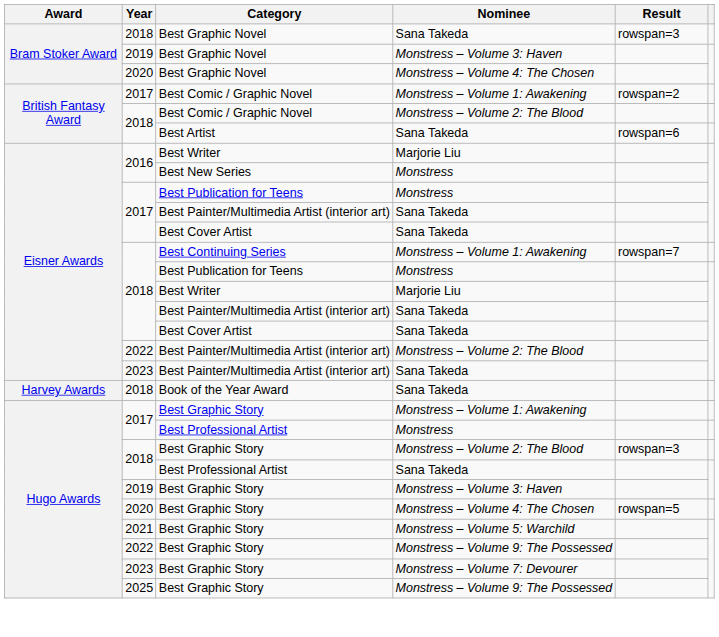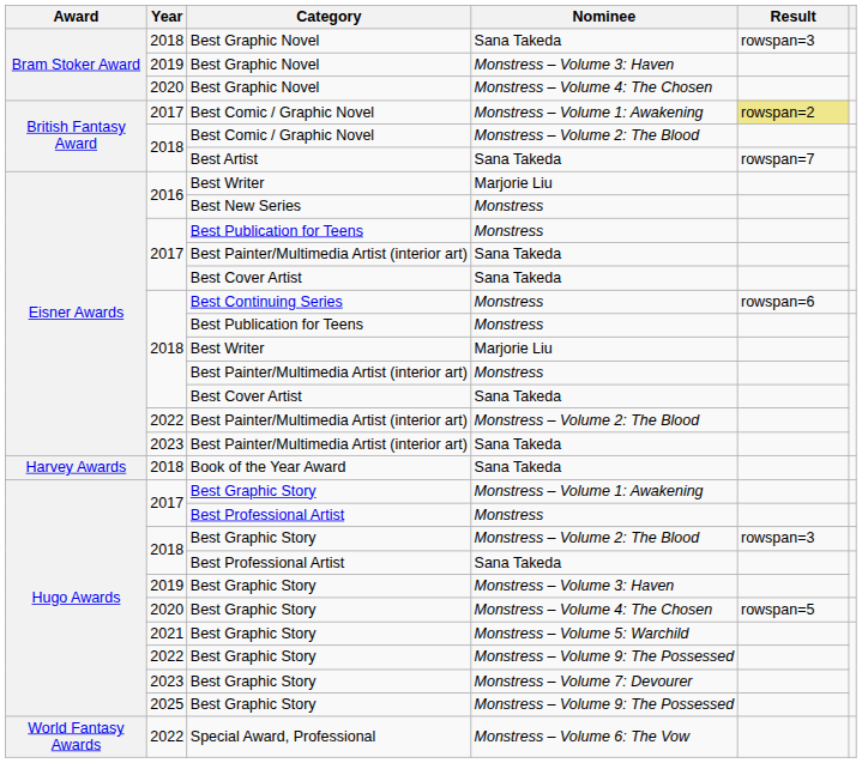 <table class="wikitable sortable">
 <tr>
 <th scope=col style="width: 9em">Award</th>
 <th scope=col>Year</th>
 <th scope=col>Category</th>
 <th scope=col>Nominee</th>
 <th scope=col style="width: 7em">Result</th>
 <th scope=col class=unsortable></th>
 </tr>
 <tr>
 <th scope=row rowspan=3 style="font-weight: normal"><a href='#'>Bram Stoker Award</a></th>
 <td align=center>2018</td>
 <td>Best Graphic Novel</td>
 <td>Sana Takeda</td>
 <td>rowspan=3 </td>
 <td align=center></td>
 </tr>
 <tr>
 <td align=center>2019</td>
 <td>Best Graphic Novel</td>
 <td><em>Monstress – Volume 3: Haven</em></td>
 <td align=center></td>
 </tr>
 <tr>
 <td align=center>2020</td>
 <td>Best Graphic Novel</td>
 <td><em>Monstress – Volume 4: The Chosen</em></td>
 <td align=center></td>
 </tr>
 <tr>
 <th scope=row rowspan=3 style="font-weight: normal"><a href='#'>British Fantasy Award</a></th>
 <td align=center>2017</td>
 <td>Best Comic / Graphic Novel</td>
 <td><em>Monstress – Volume 1: Awakening</em></td>
-<td>rowspan=2 </td>
+<td style="background: khaki;">rowspan=2 </td>
 <td align=center></td>
 </tr>
 <tr>
 <td align=center rowspan=2>2018</td>
 <td>Best Comic / Graphic Novel</td>
 <td><em>Monstress – Volume 2: The Blood</em></td>
 <td align=center></td>
 </tr>
 <tr>
 <td>Best Artist</td>
 <td>Sana Takeda</td>
-<td>rowspan=6 </td>
+<td>rowspan=7 </td>
 <td align=center></td>
 </tr>
 <tr>
 <th scope=row rowspan=12 style="font-weight: normal"><a href='#'>Eisner Awards</a></th>
 <td align=center rowspan=2>2016</td>
 <td>Best Writer</td>
 <td>Marjorie Liu</td>
 <td align=center></td>
 </tr>
 <tr>
 <td>Best New Series</td>
 <td><em>Monstress</em></td>
 <td align=center></td>
 </tr>
 <tr>
 <td align=center rowspan=3>2017</td>
 <td><a href='#'>Best Publication for Teens</a></td>
 <td><em>Monstress</em></td>
 <td align=center></td>
 </tr>
 <tr>
 <td>Best Painter/Multimedia Artist (interior art)</td>
 <td>Sana Takeda</td>
 <td align=center></td>
 </tr>
 <tr>
 <td>Best Cover Artist</td>
 <td>Sana Takeda</td>
 <td align=center></td>
 </tr>
 <tr>
 <td align=center rowspan=5>2018</td>
 <td><a href='#'>Best Continuing Series</a></td>
-<td><em>Monstress – Volume 1: Awakening</em></td>
-<td>rowspan=7 </td>
+<td><em>Monstress</em></td>
+<td>rowspan=6 </td>
 <td align=center></td>
 </tr>
 <tr>
 <td>Best Publication for Teens</td>
 <td><em>Monstress</em></td>
 <td align=center></td>
 </tr>
 <tr>
 <td>Best Writer</td>
 <td>Marjorie Liu</td>
 <td align=center></td>
 </tr>
 <tr>
 <td>Best Painter/Multimedia Artist (interior art)</td>
-<td>Sana Takeda</td>
+<td><em>Monstress</em></td>
 <td align=center></td>
 </tr>
 <tr>
 <td>Best Cover Artist</td>
 <td>Sana Takeda</td>
 <td align=center></td>
 </tr>
 <tr>
 <td align=center>2022</td>
 <td>Best Painter/Multimedia Artist (interior art)</td>
 <td><em>Monstress – Volume 2: The Blood</em></td>
 <td align=center></td>
 </tr>
 <tr>
 <td align=center>2023</td>
 <td>Best Painter/Multimedia Artist (interior art)</td>
 <td>Sana Takeda</td>
 <td align=center></td>
 </tr>
 <tr>
 <th scope=row style="font-weight: normal"><a href='#'>Harvey Awards</a></th>
 <td align=center>2018</td>
 <td>Book of the Year Award</td>
 <td>Sana Takeda</td>
 <td></td>
 <td align=center></td>
 </tr>
 <tr>
 <th scope=row rowspan=10 style="font-weight: normal"><a href='#'>Hugo Awards</a></th>
 <td align=center rowspan=2>2017</td>
 <td><a href='#'>Best Graphic Story</a></td>
 <td><em>Monstress – Volume 1: Awakening</em></td>
 <td></td>
 <td align=center></td>
 </tr>
 <tr>
 <td><a href='#'>Best Professional Artist</a></td>
 <td><em>Monstress</em></td>
 <td></td>
 <td align=center></td>
 </tr>
 <tr>
 <td align=center rowspan=2>2018</td>
 <td>Best Graphic Story</td>
 <td><em>Monstress – Volume 2: The Blood</em></td>
 <td>rowspan=3 </td>
 <td align=center></td>
 </tr>
 <tr>
 <td>Best Professional Artist</td>
 <td>Sana Takeda</td>
 <td align=center></td>
 </tr>
 <tr>
 <td align=center>2019</td>
 <td>Best Graphic Story</td>
 <td><em>Monstress – Volume 3: Haven</em></td>
 <td align=center></td>
 </tr>
 <tr>
 <td align=center>2020</td>
 <td>Best Graphic Story</td>
 <td><em>Monstress – Volume 4: The Chosen</em></td>
 <td>rowspan=5 </td>
 <td align=center></td>
 </tr>
 <tr>
 <td align=center>2021</td>
 <td>Best Graphic Story</td>
 <td><em>Monstress – Volume 5: Warchild</em></td>
 <td align=center></td>
 </tr>
 <tr>
 <td align=center>2022</td>
 <td>Best Graphic Story</td>
 <td><em>Monstress – Volume 9: The Possessed</em></td>
 <td align=center></td>
 </tr>
 <tr>
 <td align=center>2023</td>
 <td>Best Graphic Story</td>
 <td><em>Monstress – Volume 7: Devourer</em></td>
 <td align=center></td>
 </tr>
 <tr>
 <td align=center>2025</td>
 <td>Best Graphic Story</td>
 <td><em>Monstress – Volume 9: The Possessed</em></td>
 <td align=center></td>
 </tr>
+<tr>
+<th scope=row style="font-weight: normal"><a href='#'>World Fantasy Awards</a></th>
+<td align=center>2022</td>
+<td>Special Award, Professional</td>
+<td><em>Monstress – Volume 6: The Vow</em></td>
+<td></td>
+<td align=center></td>
+</tr>
 </table>
